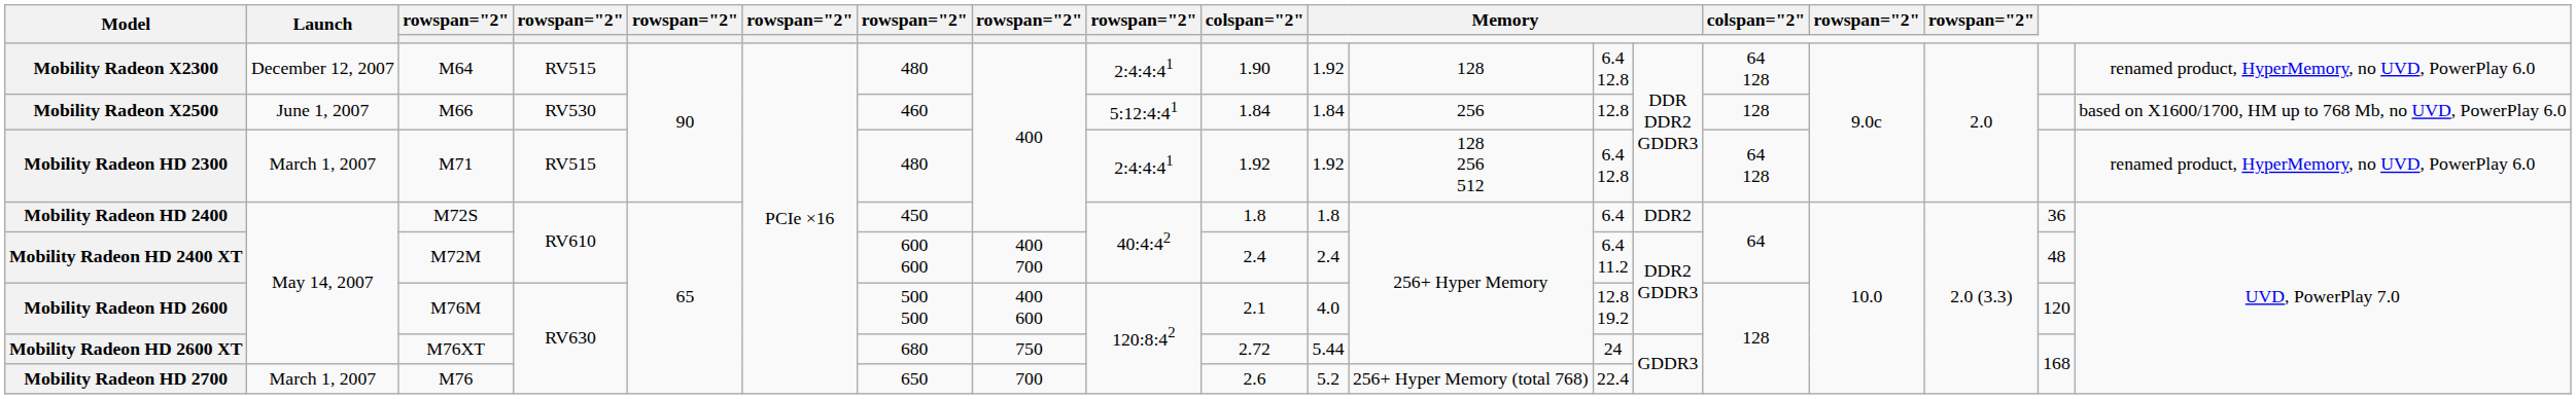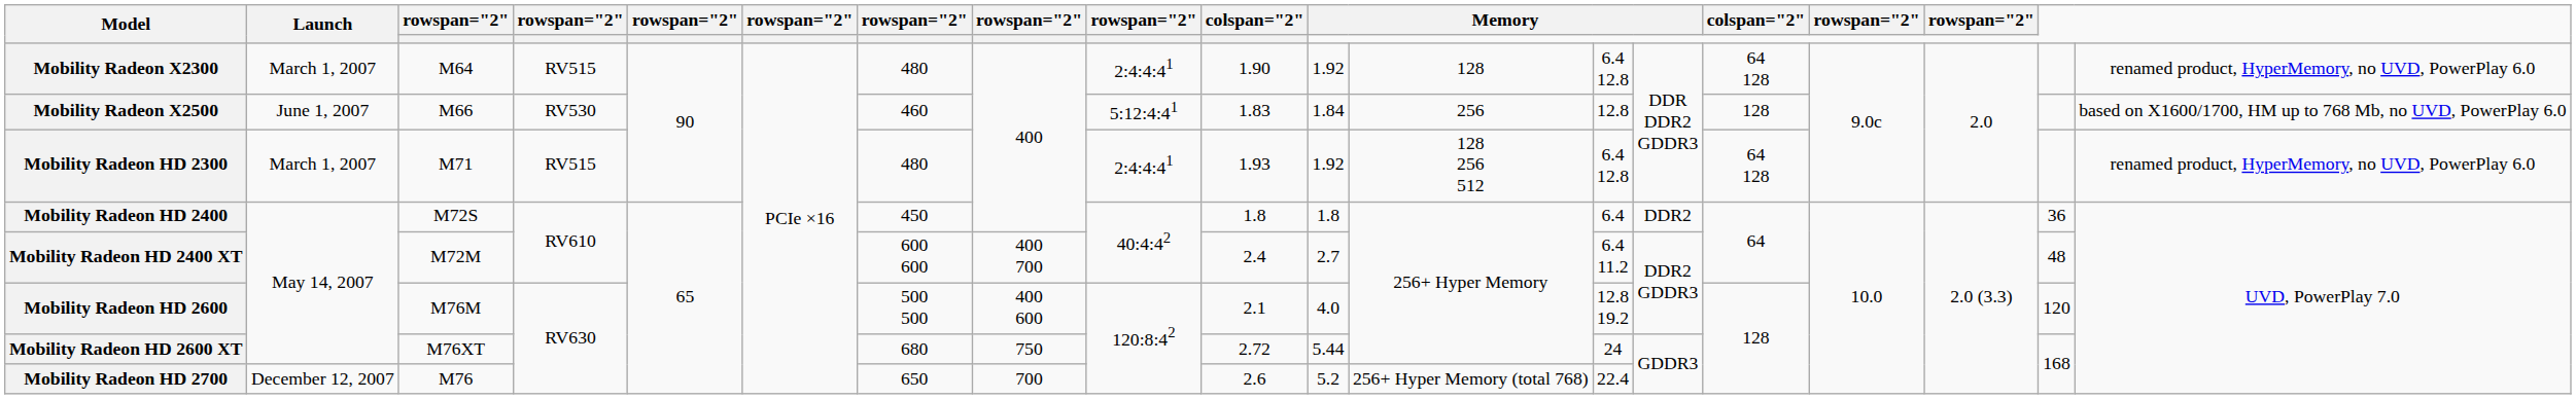 <table class="mw-datatable wikitable sortable" style="font-size: 80%; text-align:center;">
 <tr>
 <th rowspan="2">Model</th>
 <th rowspan="2">Launch</th>
 <th>rowspan="2"</th>
 <th>rowspan="2"</th>
 <th>rowspan="2"</th>
 <th>rowspan="2"</th>
 <th>rowspan="2"</th>
 <th>rowspan="2"</th>
 <th>rowspan="2"</th>
 <th>colspan="2"</th>
 <th colspan="4">Memory</th>
 <th>colspan="2"</th>
 <th>rowspan="2"</th>
 <th>rowspan="2"</th>
 </tr>
 <tr>
 <th></th>
 <th></th>
 <th></th>
 <th></th>
 <th></th>
 <th></th>
 <th></th>
 <th></th>
 </tr>
 <tr>
 <th>Mobility Radeon X2300</th>
-<td>December 12, 2007</td>
+<td>March 1, 2007</td>
 <td>M64</td>
 <td>RV515</td>
 <td rowspan="3">90</td>
 <td rowspan="8">PCIe ×16</td>
 <td>480</td>
 <td rowspan="4">400</td>
 <td>2:4:4:4<sup>1</sup></td>
 <td>1.90</td>
 <td>1.92</td>
 <td>128</td>
 <td>6.4<br>12.8</td>
 <td rowspan="3">DDR<br>DDR2<br>GDDR3</td>
 <td>64<br>128</td>
 <td rowspan="3">9.0c</td>
 <td rowspan="3">2.0</td>
 <td></td>
 <td>renamed product, <a href='#'>HyperMemory</a>, no <a href='#'>UVD</a>, PowerPlay 6.0</td>
 </tr>
 <tr>
 <th>Mobility Radeon X2500</th>
 <td>June 1, 2007</td>
 <td>M66</td>
 <td>RV530</td>
 <td>460</td>
 <td>5:12:4:4<sup>1</sup></td>
-<td>1.84</td>
+<td>1.83</td>
 <td>1.84</td>
 <td>256</td>
 <td>12.8</td>
 <td>128</td>
 <td></td>
 <td>based on X1600/1700, HM up to 768 Mb, no <a href='#'>UVD</a>, PowerPlay 6.0</td>
 </tr>
 <tr>
 <th>Mobility Radeon HD 2300</th>
 <td>March 1, 2007</td>
 <td>M71</td>
 <td>RV515</td>
 <td>480</td>
 <td>2:4:4:4<sup>1</sup></td>
-<td>1.92</td>
+<td>1.93</td>
 <td>1.92</td>
 <td>128<br>256<br>512</td>
 <td>6.4<br>12.8</td>
 <td>64<br>128</td>
 <td></td>
 <td>renamed product, <a href='#'>HyperMemory</a>, no <a href='#'>UVD</a>, PowerPlay 6.0</td>
 </tr>
 <tr>
 <th>Mobility Radeon HD 2400</th>
 <td rowspan="4">May 14, 2007</td>
 <td>M72S</td>
 <td rowspan="2">RV610</td>
 <td rowspan="5">65</td>
 <td>450</td>
 <td rowspan="2">40:4:4<sup>2</sup></td>
 <td>1.8</td>
 <td>1.8</td>
 <td rowspan="4">256+ Hyper Memory</td>
 <td>6.4</td>
 <td>DDR2</td>
 <td rowspan="2">64</td>
 <td rowspan="5">10.0</td>
 <td rowspan="5">2.0 (3.3)</td>
 <td>36</td>
 <td rowspan="5"><a href='#'>UVD</a>, PowerPlay 7.0</td>
 </tr>
 <tr>
 <th>Mobility Radeon HD 2400 XT</th>
 <td>M72M</td>
 <td>600<br>600</td>
 <td>400<br>700</td>
 <td>2.4</td>
-<td>2.4</td>
+<td>2.7</td>
 <td>6.4<br>11.2</td>
 <td rowspan="2">DDR2<br>GDDR3</td>
 <td>48</td>
 </tr>
 <tr>
 <th>Mobility Radeon HD 2600</th>
 <td>M76M</td>
 <td rowspan="3">RV630</td>
 <td>500<br>500</td>
 <td>400<br>600</td>
 <td rowspan="3">120:8:4<sup>2</sup></td>
 <td>2.1</td>
 <td>4.0</td>
 <td>12.8<br>19.2</td>
 <td rowspan="3">128</td>
 <td>120</td>
 </tr>
 <tr>
 <th>Mobility Radeon HD 2600 XT</th>
 <td>M76XT</td>
 <td>680</td>
 <td>750</td>
 <td>2.72</td>
 <td>5.44</td>
 <td>24</td>
 <td rowspan="2">GDDR3</td>
 <td rowspan="2">168</td>
 </tr>
 <tr>
 <th>Mobility Radeon HD 2700</th>
-<td>March 1, 2007</td>
+<td>December 12, 2007</td>
 <td>M76</td>
 <td>650</td>
 <td>700</td>
 <td>2.6</td>
 <td>5.2</td>
 <td>256+ Hyper Memory (total 768)</td>
 <td>22.4</td>
 </tr>
 </table>
